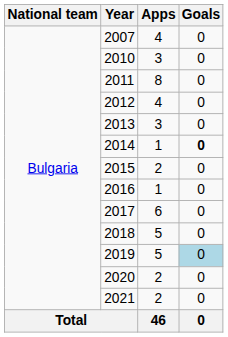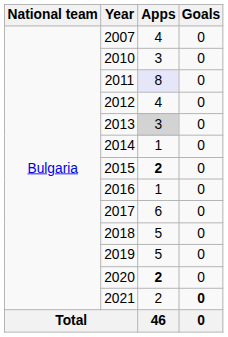 <table class="wikitable" style="text-align:center">
 <tr>
 <th>National team</th>
 <th>Year</th>
 <th>Apps</th>
 <th>Goals</th>
 </tr>
 <tr>
 <td rowspan="13"><a href='#'>Bulgaria</a></td>
 <td>2007</td>
 <td>4</td>
 <td>0</td>
 </tr>
 <tr>
 <td>2010</td>
 <td>3</td>
 <td>0</td>
 </tr>
 <tr>
 <td>2011</td>
-<td>8</td>
+<td style="background: lavender;">8</td>
 <td>0</td>
 </tr>
 <tr>
 <td>2012</td>
 <td>4</td>
 <td>0</td>
 </tr>
 <tr>
 <td>2013</td>
-<td>3</td>
+<td style="background: lightgrey;">3</td>
 <td>0</td>
 </tr>
 <tr>
 <td>2014</td>
 <td>1</td>
-<td><strong>0</strong></td>
+<td>0</td>
 </tr>
 <tr>
 <td>2015</td>
-<td>2</td>
+<td><strong>2</strong></td>
 <td>0</td>
 </tr>
 <tr>
 <td>2016</td>
 <td>1</td>
 <td>0</td>
 </tr>
 <tr>
 <td>2017</td>
 <td>6</td>
 <td>0</td>
 </tr>
 <tr>
 <td>2018</td>
 <td>5</td>
 <td>0</td>
 </tr>
 <tr>
 <td>2019</td>
 <td>5</td>
-<td style="background: lightblue;">0</td>
+<td>0</td>
 </tr>
 <tr>
 <td>2020</td>
-<td>2</td>
+<td><strong>2</strong></td>
 <td>0</td>
 </tr>
 <tr>
 <td>2021</td>
 <td>2</td>
-<td>0</td>
+<td><strong>0</strong></td>
 </tr>
 <tr>
 <th colspan="2">Total</th>
 <th>46</th>
 <th>0</th>
 </tr>
 </table>
